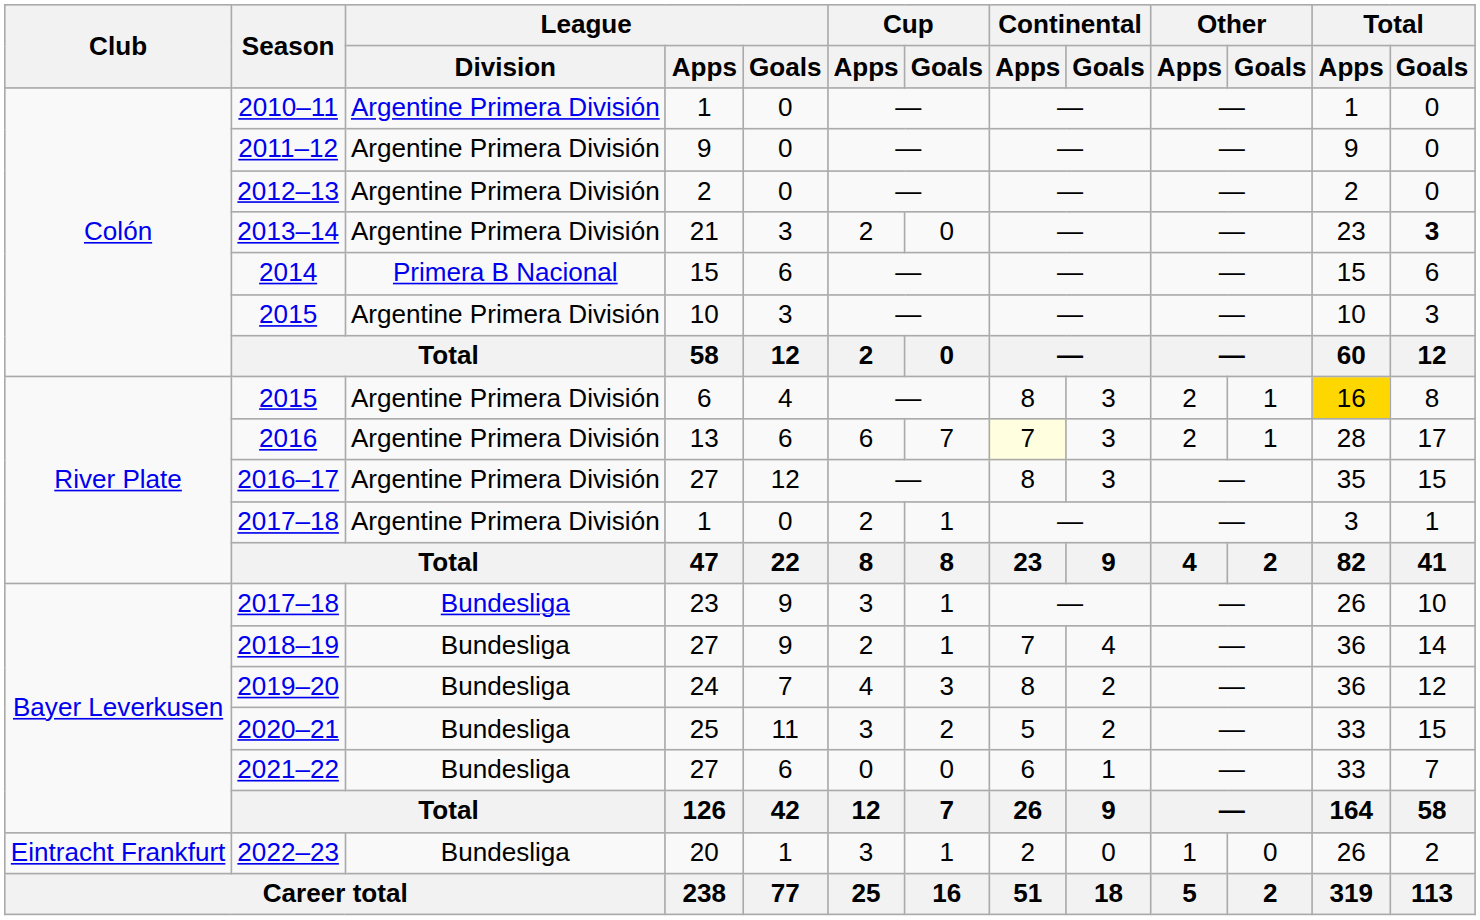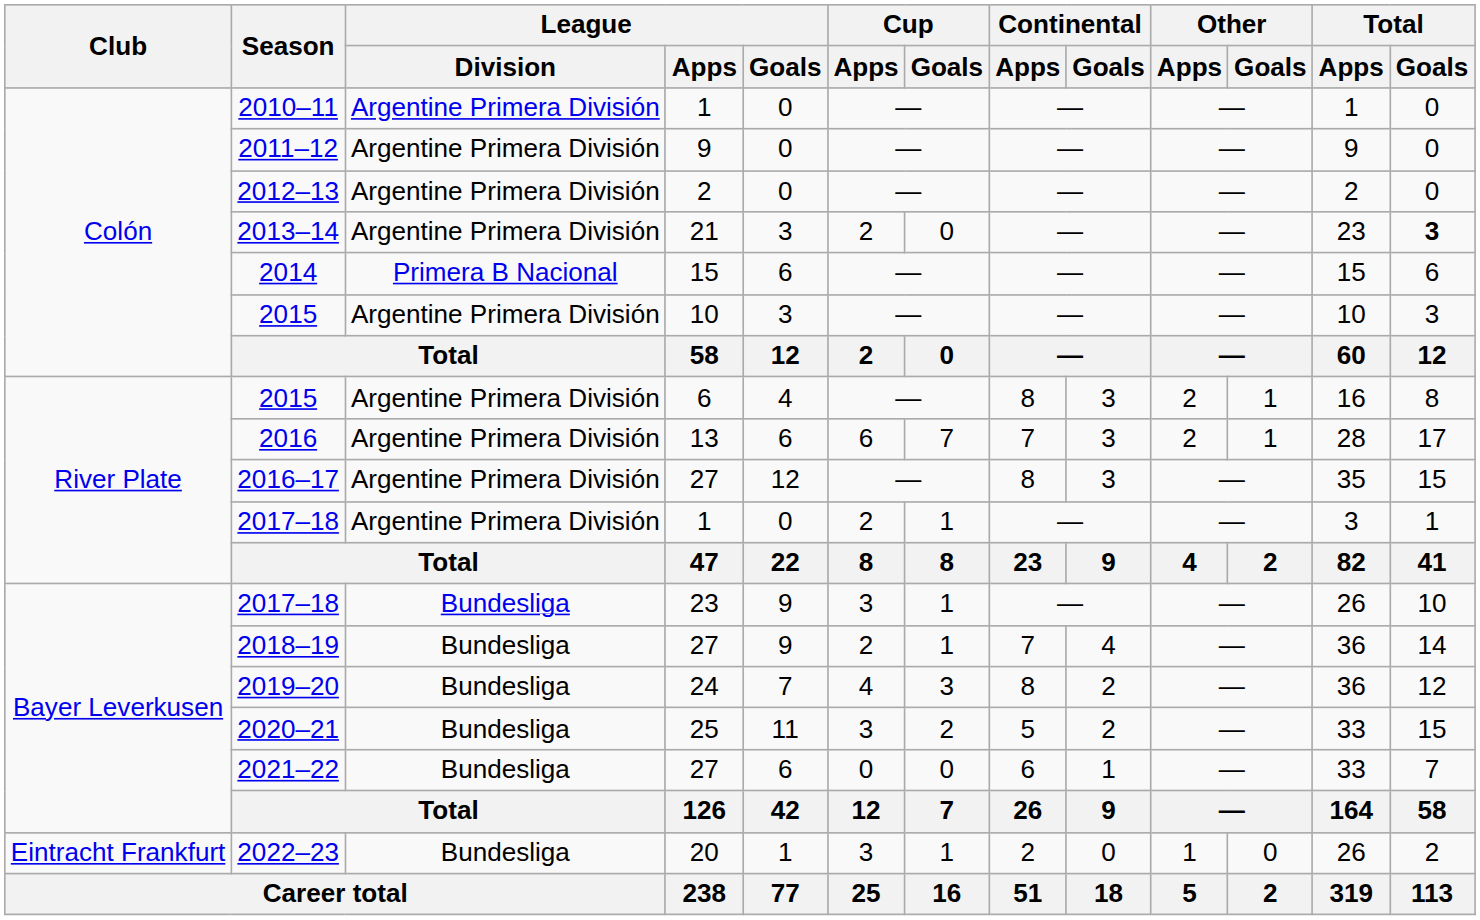 <table class="wikitable" style="text-align:center">
 <tr>
 <th rowspan=2>Club</th>
 <th rowspan=2>Season</th>
 <th colspan=3>League</th>
 <th colspan=2>Cup</th>
 <th colspan=2>Continental</th>
 <th colspan=2>Other</th>
 <th colspan=2>Total</th>
 </tr>
 <tr>
 <th>Division</th>
 <th>Apps</th>
 <th>Goals</th>
 <th>Apps</th>
 <th>Goals</th>
 <th>Apps</th>
 <th>Goals</th>
 <th>Apps</th>
 <th>Goals</th>
 <th>Apps</th>
 <th>Goals</th>
 </tr>
 <tr>
 <td rowspan=7><a href='#'>Colón</a></td>
 <td><a href='#'>2010–11</a></td>
 <td><a href='#'>Argentine Primera División</a></td>
 <td>1</td>
 <td>0</td>
 <td colspan=2>—</td>
 <td colspan=2>—</td>
 <td colspan=2>—</td>
 <td>1</td>
 <td>0</td>
 </tr>
 <tr>
 <td><a href='#'>2011–12</a></td>
 <td>Argentine Primera División</td>
 <td>9</td>
 <td>0</td>
 <td colspan=2>—</td>
 <td colspan=2>—</td>
 <td colspan=2>—</td>
 <td>9</td>
 <td>0</td>
 </tr>
 <tr>
 <td><a href='#'>2012–13</a></td>
 <td>Argentine Primera División</td>
 <td>2</td>
 <td>0</td>
 <td colspan=2>—</td>
 <td colspan=2>—</td>
 <td colspan=2>—</td>
 <td>2</td>
 <td>0</td>
 </tr>
 <tr>
 <td><a href='#'>2013–14</a></td>
 <td>Argentine Primera División</td>
 <td>21</td>
 <td>3</td>
 <td>2</td>
 <td>0</td>
 <td colspan=2>—</td>
 <td colspan=2>—</td>
 <td>23</td>
 <td><strong>3</strong></td>
 </tr>
 <tr>
 <td><a href='#'>2014</a></td>
 <td><a href='#'>Primera B Nacional</a></td>
 <td>15</td>
 <td>6</td>
 <td colspan=2>—</td>
 <td colspan=2>—</td>
 <td colspan=2>—</td>
 <td>15</td>
 <td>6</td>
 </tr>
 <tr>
 <td><a href='#'>2015</a></td>
 <td>Argentine Primera División</td>
 <td>10</td>
 <td>3</td>
 <td colspan=2>—</td>
 <td colspan=2>—</td>
 <td colspan=2>—</td>
 <td>10</td>
 <td>3</td>
 </tr>
 <tr>
 <th colspan=2>Total</th>
 <th>58</th>
 <th>12</th>
 <th>2</th>
 <th>0</th>
 <th colspan=2>—</th>
 <th colspan=2>—</th>
 <th>60</th>
 <th>12</th>
 </tr>
 <tr>
 <td rowspan=5><a href='#'>River Plate</a></td>
 <td><a href='#'>2015</a></td>
 <td>Argentine Primera División</td>
 <td>6</td>
 <td>4</td>
 <td colspan=2>—</td>
 <td>8</td>
 <td>3</td>
 <td>2</td>
 <td>1</td>
-<td style="background: gold;">16</td>
+<td>16</td>
 <td>8</td>
 </tr>
 <tr>
 <td><a href='#'>2016</a></td>
 <td>Argentine Primera División</td>
 <td>13</td>
 <td>6</td>
 <td>6</td>
 <td>7</td>
-<td style="background: lightyellow;">7</td>
+<td>7</td>
 <td>3</td>
 <td>2</td>
 <td>1</td>
 <td>28</td>
 <td>17</td>
 </tr>
 <tr>
 <td><a href='#'>2016–17</a></td>
 <td>Argentine Primera División</td>
 <td>27</td>
 <td>12</td>
 <td colspan=2>—</td>
 <td>8</td>
 <td>3</td>
 <td colspan=2>—</td>
 <td>35</td>
 <td>15</td>
 </tr>
 <tr>
 <td><a href='#'>2017–18</a></td>
 <td>Argentine Primera División</td>
 <td>1</td>
 <td>0</td>
 <td>2</td>
 <td>1</td>
 <td colspan=2>—</td>
 <td colspan=2>—</td>
 <td>3</td>
 <td>1</td>
 </tr>
 <tr>
 <th colspan=2>Total</th>
 <th>47</th>
 <th>22</th>
 <th>8</th>
 <th>8</th>
 <th>23</th>
 <th>9</th>
 <th>4</th>
 <th>2</th>
 <th>82</th>
 <th>41</th>
 </tr>
 <tr>
 <td rowspan=6><a href='#'>Bayer Leverkusen</a></td>
 <td><a href='#'>2017–18</a></td>
 <td><a href='#'>Bundesliga</a></td>
 <td>23</td>
 <td>9</td>
 <td>3</td>
 <td>1</td>
 <td colspan=2>—</td>
 <td colspan=2>—</td>
 <td>26</td>
 <td>10</td>
 </tr>
 <tr>
 <td><a href='#'>2018–19</a></td>
 <td>Bundesliga</td>
 <td>27</td>
 <td>9</td>
 <td>2</td>
 <td>1</td>
 <td>7</td>
 <td>4</td>
 <td colspan=2>—</td>
 <td>36</td>
 <td>14</td>
 </tr>
 <tr>
 <td><a href='#'>2019–20</a></td>
 <td>Bundesliga</td>
 <td>24</td>
 <td>7</td>
 <td>4</td>
 <td>3</td>
 <td>8</td>
 <td>2</td>
 <td colspan=2>—</td>
 <td>36</td>
 <td>12</td>
 </tr>
 <tr>
 <td><a href='#'>2020–21</a></td>
 <td>Bundesliga</td>
 <td>25</td>
 <td>11</td>
 <td>3</td>
 <td>2</td>
 <td>5</td>
 <td>2</td>
 <td colspan=2>—</td>
 <td>33</td>
 <td>15</td>
 </tr>
 <tr>
 <td><a href='#'>2021–22</a></td>
 <td>Bundesliga</td>
 <td>27</td>
 <td>6</td>
 <td>0</td>
 <td>0</td>
 <td>6</td>
 <td>1</td>
 <td colspan=2>—</td>
 <td>33</td>
 <td>7</td>
 </tr>
 <tr>
 <th colspan=2>Total</th>
 <th>126</th>
 <th>42</th>
 <th>12</th>
 <th>7</th>
 <th>26</th>
 <th>9</th>
 <th colspan=2>—</th>
 <th>164</th>
 <th>58</th>
 </tr>
 <tr>
 <td><a href='#'>Eintracht Frankfurt</a></td>
 <td><a href='#'>2022–23</a></td>
 <td>Bundesliga</td>
 <td>20</td>
 <td>1</td>
 <td>3</td>
 <td>1</td>
 <td>2</td>
 <td>0</td>
 <td>1</td>
 <td>0</td>
 <td>26</td>
 <td>2</td>
 </tr>
 <tr>
 <th colspan=3>Career total</th>
 <th>238</th>
 <th>77</th>
 <th>25</th>
 <th>16</th>
 <th>51</th>
 <th>18</th>
 <th>5</th>
 <th>2</th>
 <th>319</th>
 <th>113</th>
 </tr>
 </table>
